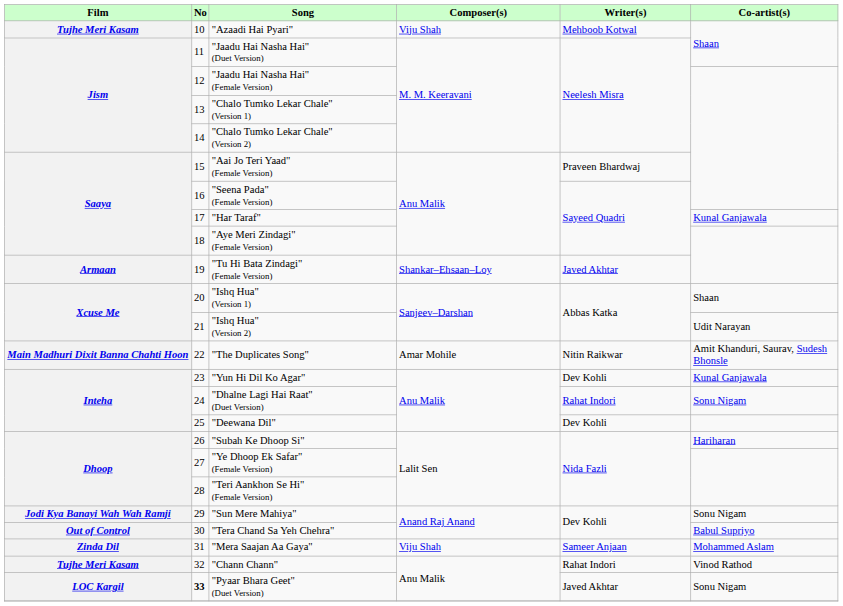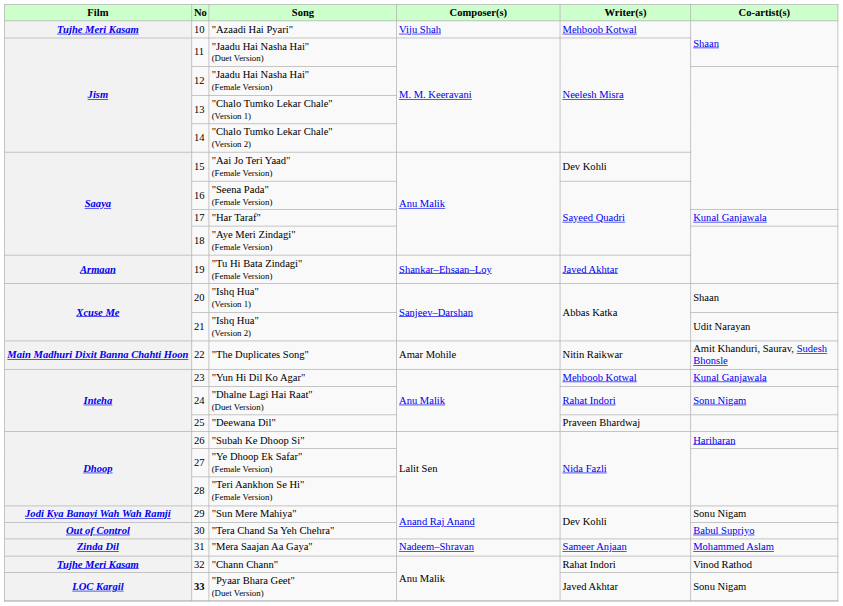 <table class="wikitable plainrowheaders" style="width:100%; textcolor:#000">
 <tr style="background:#cfc; text-align:center;">
 <td scope="col" style="width:23%;"><strong>Film</strong></td>
 <td><strong>No</strong></td>
 <td scope="col" style="width:23%;"><strong>Song</strong></td>
 <td scope="col" style="width:20%;"><strong>Composer(s)</strong></td>
 <td scope="col" style="width:16%;"><strong>Writer(s)</strong></td>
 <td scope="col" style="width:18%;"><strong>Co-artist(s)</strong></td>
 </tr>
 <tr>
 <th scope="row"><em><a href='#'>Tujhe Meri Kasam</a></em></th>
 <td>10</td>
 <td>"Azaadi Hai Pyari"</td>
 <td><a href='#'>Viju Shah</a></td>
 <td><a href='#'>Mehboob Kotwal</a></td>
 <td rowspan="2"><a href='#'>Shaan</a></td>
 </tr>
 <tr>
 <th scope="row" rowspan="4"><em><a href='#'>Jism</a></em></th>
 <td>11</td>
 <td>"Jaadu Hai Nasha Hai"<br><small>(Duet Version)</small></td>
 <td rowspan="4"><a href='#'>M. M. Keeravani</a></td>
 <td rowspan="4"><a href='#'>Neelesh Misra</a></td>
 </tr>
 <tr>
 <td>12</td>
 <td>"Jaadu Hai Nasha Hai"<br><small>(Female Version)</small></td>
 <td rowspan="5"></td>
 </tr>
 <tr>
 <td>13</td>
 <td>"Chalo Tumko Lekar Chale"<br><small>(Version 1)</small></td>
 </tr>
 <tr>
 <td>14</td>
 <td>"Chalo Tumko Lekar Chale"<br><small>(Version 2)</small></td>
 </tr>
 <tr>
 <th scope="row" rowspan="4"><em><a href='#'>Saaya</a></em></th>
 <td>15</td>
 <td>"Aai Jo Teri Yaad"<br><small>(Female Version)</small></td>
 <td rowspan="4"><a href='#'>Anu Malik</a></td>
-<td>Praveen Bhardwaj</td>
+<td>Dev Kohli</td>
 </tr>
 <tr>
 <td>16</td>
 <td>"Seena Pada"<br><small>(Female Version)</small></td>
 <td rowspan="3"><a href='#'>Sayeed Quadri</a></td>
 </tr>
 <tr>
 <td>17</td>
 <td>"Har Taraf"</td>
 <td><a href='#'>Kunal Ganjawala</a></td>
 </tr>
 <tr>
 <td>18</td>
 <td>"Aye Meri Zindagi"<br><small>(Female Version)</small></td>
 <td rowspan="2"></td>
 </tr>
 <tr>
 <th scope="row"><em><a href='#'>Armaan</a></em></th>
 <td>19</td>
 <td>"Tu Hi Bata Zindagi"<br><small>(Female Version)</small></td>
 <td><a href='#'>Shankar–Ehsaan–Loy</a></td>
 <td><a href='#'>Javed Akhtar</a></td>
 </tr>
 <tr>
 <th scope="row" rowspan="2"><em><a href='#'>Xcuse Me</a></em></th>
 <td>20</td>
 <td>"Ishq Hua"<br><small>(Version 1)</small></td>
 <td rowspan="2"><a href='#'>Sanjeev–Darshan</a></td>
 <td rowspan="2">Abbas Katka</td>
 <td>Shaan</td>
 </tr>
 <tr>
 <td>21</td>
 <td>"Ishq Hua"<br><small>(Version 2)</small></td>
 <td>Udit Narayan</td>
 </tr>
 <tr>
 <th scope="row"><em><a href='#'>Main Madhuri Dixit Banna Chahti Hoon</a></em></th>
 <td>22</td>
 <td>"The Duplicates Song"</td>
 <td>Amar Mohile</td>
 <td>Nitin Raikwar</td>
 <td>Amit Khanduri, Saurav, <a href='#'>Sudesh Bhonsle</a></td>
 </tr>
 <tr>
 <th scope="row" rowspan="3"><em><a href='#'>Inteha</a></em></th>
 <td>23</td>
 <td>"Yun Hi Dil Ko Agar"</td>
 <td rowspan="3"><a href='#'>Anu Malik</a></td>
-<td>Dev Kohli</td>
+<td><a href='#'>Mehboob Kotwal</a></td>
 <td><a href='#'>Kunal Ganjawala</a></td>
 </tr>
 <tr>
 <td>24</td>
 <td>"Dhalne Lagi Hai Raat"<br><small>(Duet Version)</small></td>
 <td><a href='#'>Rahat Indori</a></td>
 <td><a href='#'>Sonu Nigam</a></td>
 </tr>
 <tr>
 <td>25</td>
 <td>"Deewana Dil"</td>
-<td>Dev Kohli</td>
+<td>Praveen Bhardwaj</td>
 <td></td>
 </tr>
 <tr>
 <th scope="row" rowspan="3"><em><a href='#'>Dhoop</a></em></th>
 <td>26</td>
 <td>"Subah Ke Dhoop Si"</td>
 <td rowspan="3">Lalit Sen</td>
 <td rowspan="3"><a href='#'>Nida Fazli</a></td>
 <td><a href='#'>Hariharan</a></td>
 </tr>
 <tr>
 <td>27</td>
 <td>"Ye Dhoop Ek Safar"<br><small>(Female Version)</small></td>
 <td rowspan="2"></td>
 </tr>
 <tr>
 <td>28</td>
 <td>"Teri Aankhon Se Hi"<br><small>(Female Version)</small></td>
 </tr>
 <tr>
 <th scope="row"><em><a href='#'>Jodi Kya Banayi Wah Wah Ramji</a></em></th>
 <td>29</td>
 <td>"Sun Mere Mahiya"</td>
 <td rowspan="2"><a href='#'>Anand Raj Anand</a></td>
 <td rowspan="2">Dev Kohli</td>
 <td>Sonu Nigam</td>
 </tr>
 <tr>
 <th scope="row"><em><a href='#'>Out of Control</a></em></th>
 <td>30</td>
 <td>"Tera Chand Sa Yeh Chehra"</td>
 <td><a href='#'>Babul Supriyo</a></td>
 </tr>
 <tr>
 <th scope="row"><em><a href='#'>Zinda Dil</a></em></th>
 <td>31</td>
 <td>"Mera Saajan Aa Gaya"</td>
-<td><a href='#'>Viju Shah</a></td>
+<td><a href='#'>Nadeem–Shravan</a></td>
 <td><a href='#'>Sameer Anjaan</a></td>
 <td><a href='#'>Mohammed Aslam</a></td>
 </tr>
 <tr>
 <th scope="row"><em><a href='#'>Tujhe Meri Kasam</a></em></th>
 <td>32</td>
 <td>"Chann Chann"</td>
 <td rowspan="2">Anu Malik</td>
 <td>Rahat Indori</td>
 <td>Vinod Rathod</td>
 </tr>
 <tr>
 <th scope="row"><em><a href='#'>LOC Kargil</a></em></th>
 <td><strong>33</strong></td>
 <td>"Pyaar Bhara Geet"<br><small>(Duet Version)</small></td>
 <td>Javed Akhtar</td>
 <td>Sonu Nigam</td>
 </tr>
 <tr>
 </tr>
 </table>
